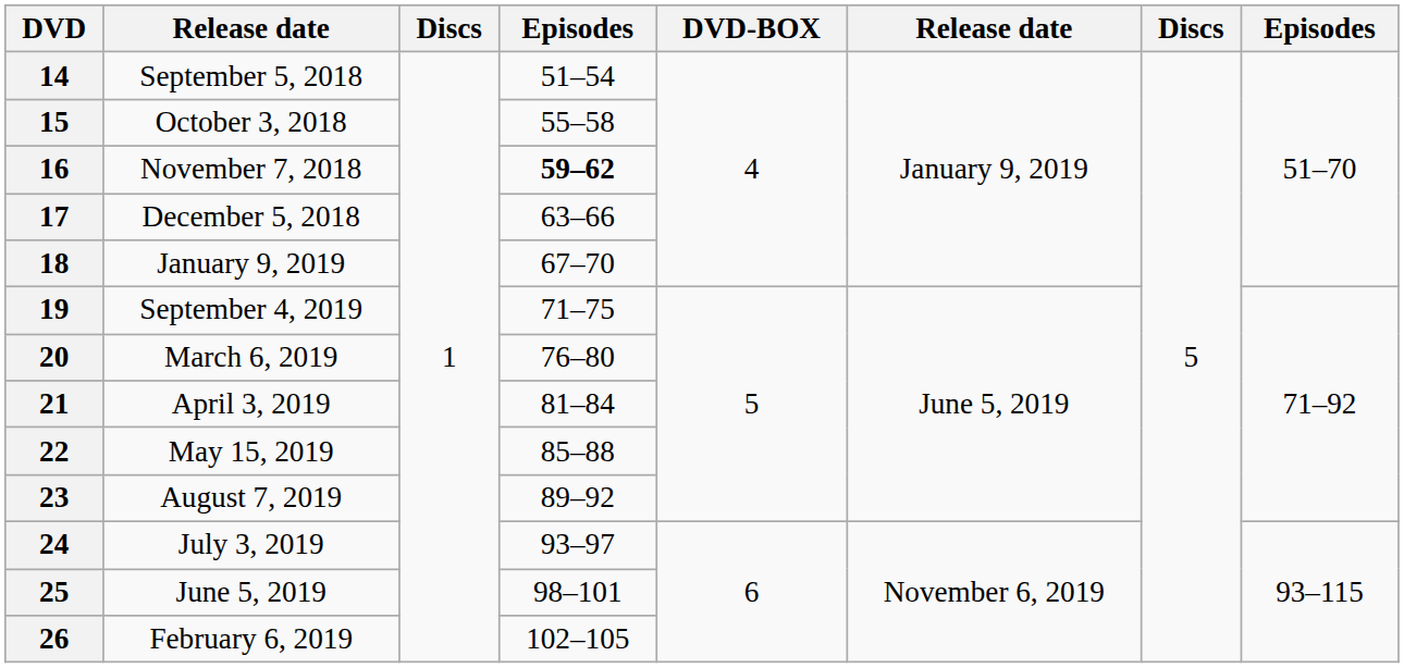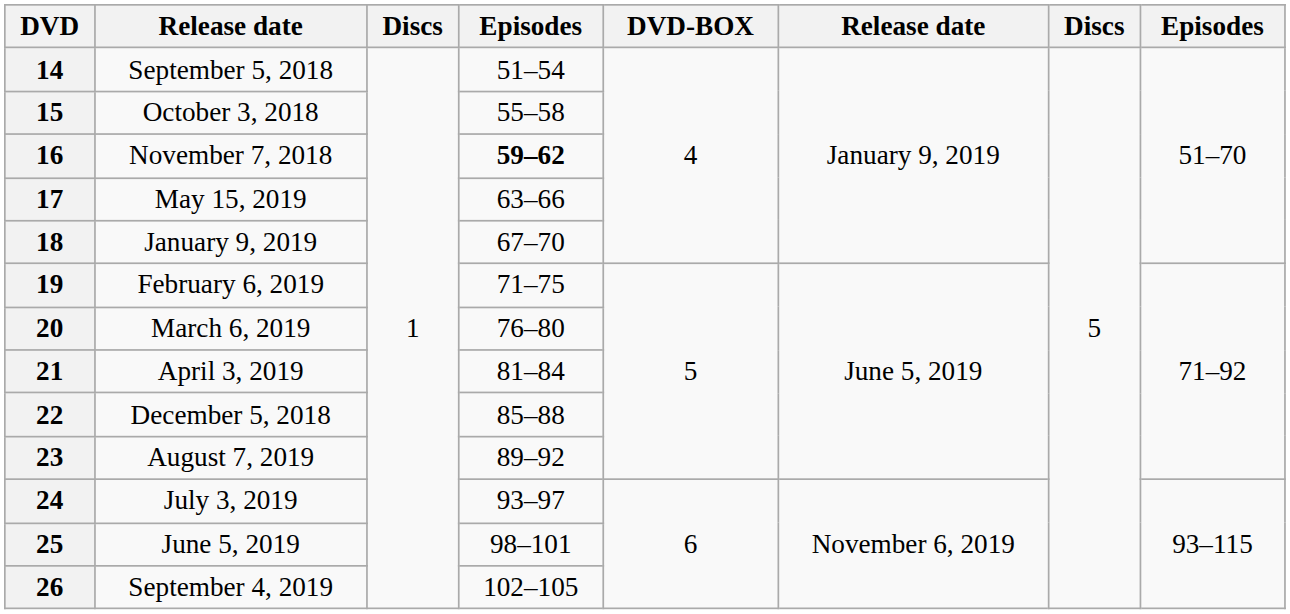 <table class="wikitable" style="text-align: center; width: 38%;">
 <tr>
 <th scope="col" 175px;>DVD</th>
 <th scope="col" 125px;>Release date</th>
 <th scope="col">Discs</th>
 <th scope="col">Episodes</th>
 <th scope="col">DVD-BOX</th>
 <th scope="col">Release date</th>
 <th scope="col">Discs</th>
 <th scope="col">Episodes</th>
 </tr>
 <tr>
 <th scope="row">14</th>
 <td>September 5, 2018</td>
 <td rowspan="48">1</td>
 <td>51–54</td>
 <td rowspan="5">4</td>
 <td rowspan="5">January 9, 2019</td>
 <td rowspan="20">5</td>
 <td rowspan="5">51–70</td>
 </tr>
 <tr>
 <th scope="row">15</th>
 <td>October 3, 2018</td>
 <td>55–58</td>
 </tr>
 <tr>
 <th scope="row">16</th>
 <td>November 7, 2018</td>
 <td><strong>59–62</strong></td>
 </tr>
 <tr>
 <th scope="row">17</th>
-<td>December 5, 2018</td>
+<td>May 15, 2019</td>
 <td>63–66</td>
 </tr>
 <tr>
 <th scope="row">18</th>
 <td>January 9, 2019</td>
 <td>67–70</td>
 </tr>
 <tr>
 <th scope="row">19</th>
-<td>September 4, 2019</td>
+<td>February 6, 2019</td>
 <td>71–75</td>
 <td rowspan="5">5</td>
 <td rowspan="5">June 5, 2019</td>
 <td rowspan="5">71–92</td>
 </tr>
 <tr>
 <th scope="row">20</th>
 <td>March 6, 2019</td>
 <td>76–80</td>
 </tr>
 <tr>
 <th scope="row">21</th>
 <td>April 3, 2019</td>
 <td>81–84</td>
 </tr>
 <tr>
 <th scope="row">22</th>
-<td>May 15, 2019</td>
+<td>December 5, 2018</td>
 <td>85–88</td>
 </tr>
 <tr>
 <th scope="row">23</th>
 <td>August 7, 2019</td>
 <td>89–92</td>
 </tr>
 <tr>
 <th scope="row">24</th>
 <td>July 3, 2019</td>
 <td>93–97</td>
 <td rowspan="5">6</td>
 <td rowspan="5">November 6, 2019</td>
 <td rowspan="5">93–115</td>
 </tr>
 <tr>
 <th scope="row">25</th>
 <td>June 5, 2019</td>
 <td>98–101</td>
 </tr>
 <tr>
 <th scope="row">26</th>
-<td>February 6, 2019</td>
+<td>September 4, 2019</td>
 <td>102–105</td>
 </tr>
 </table>
